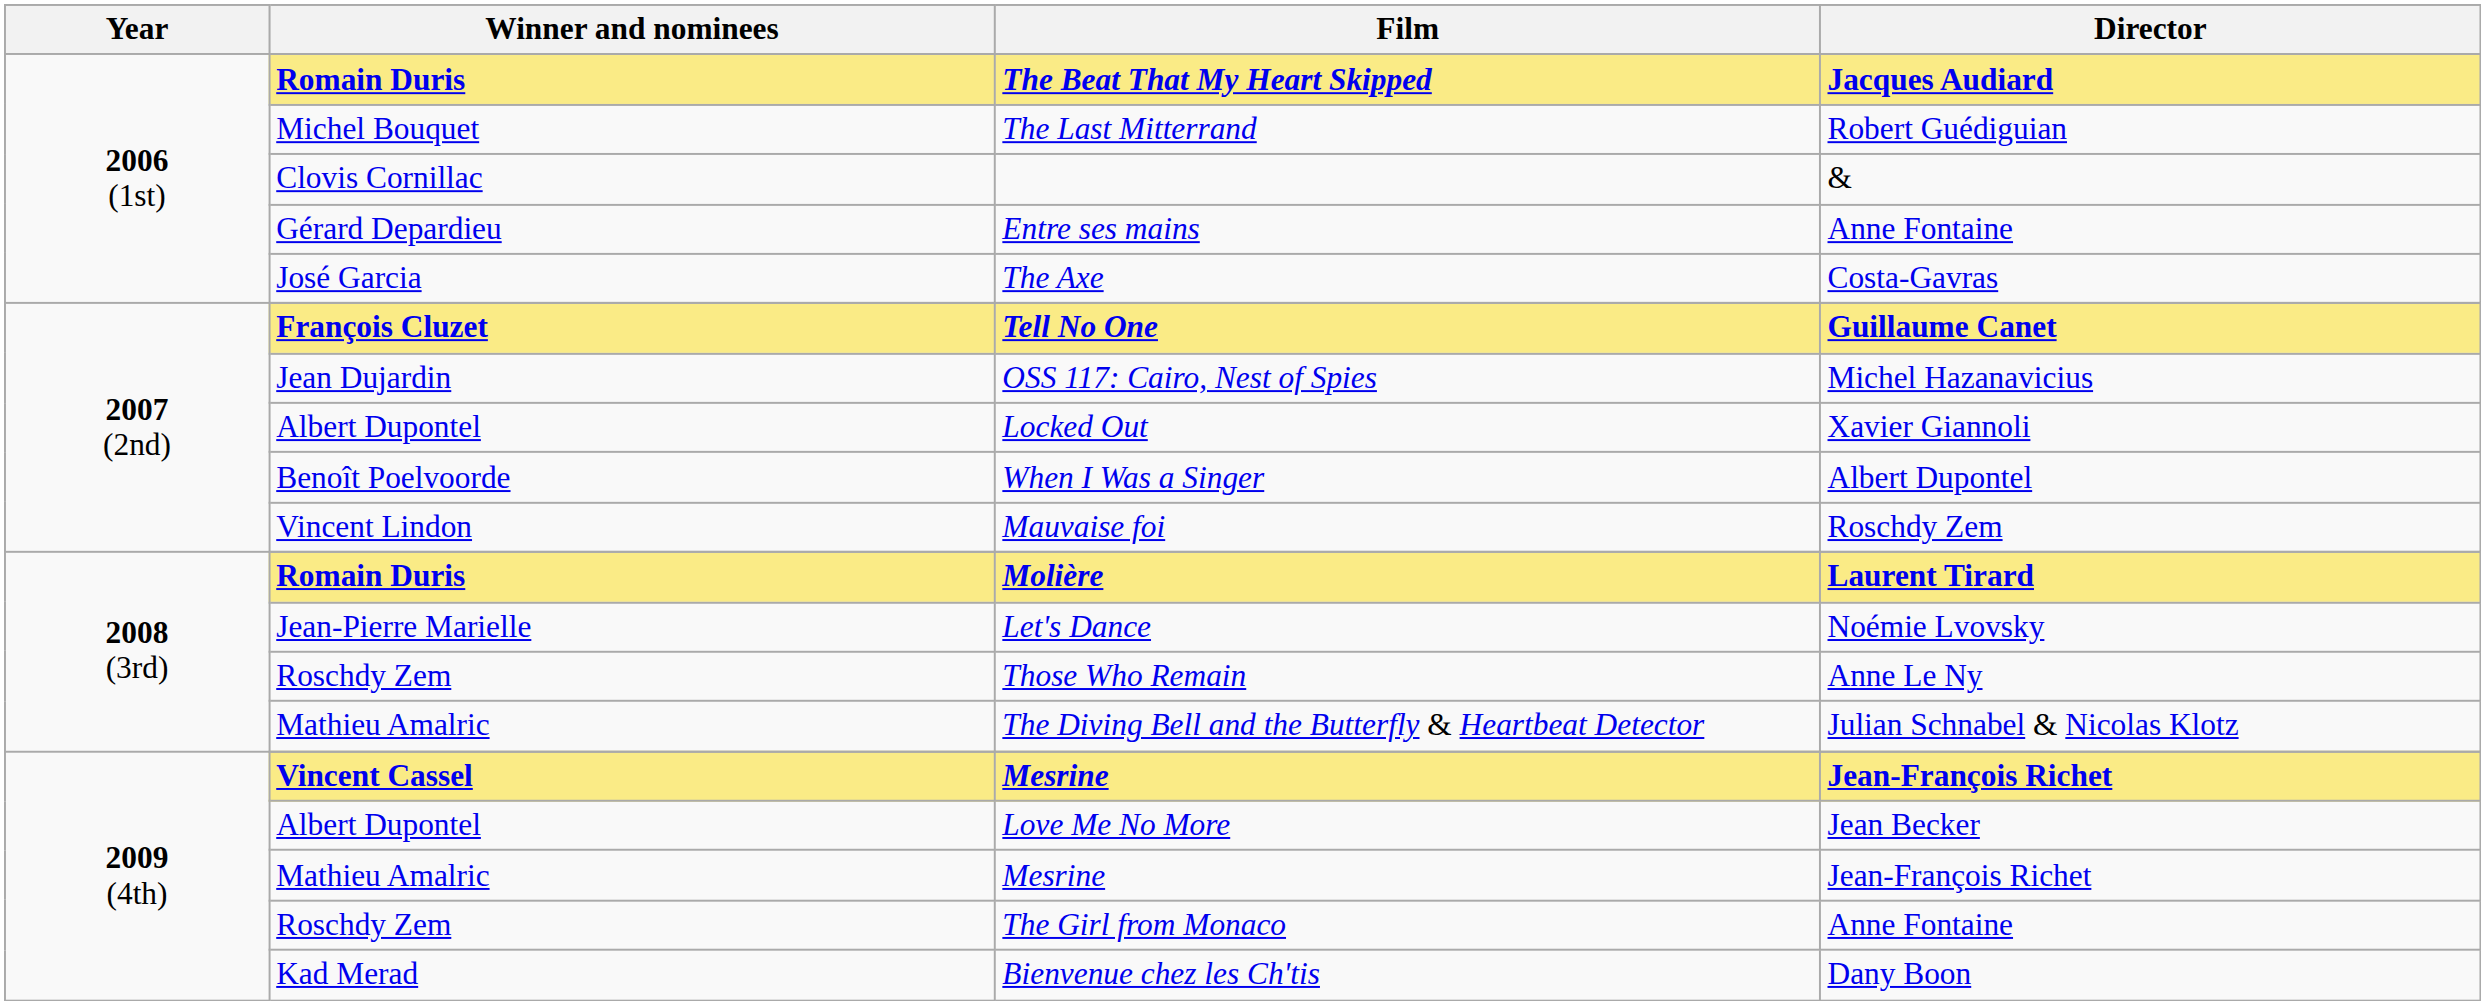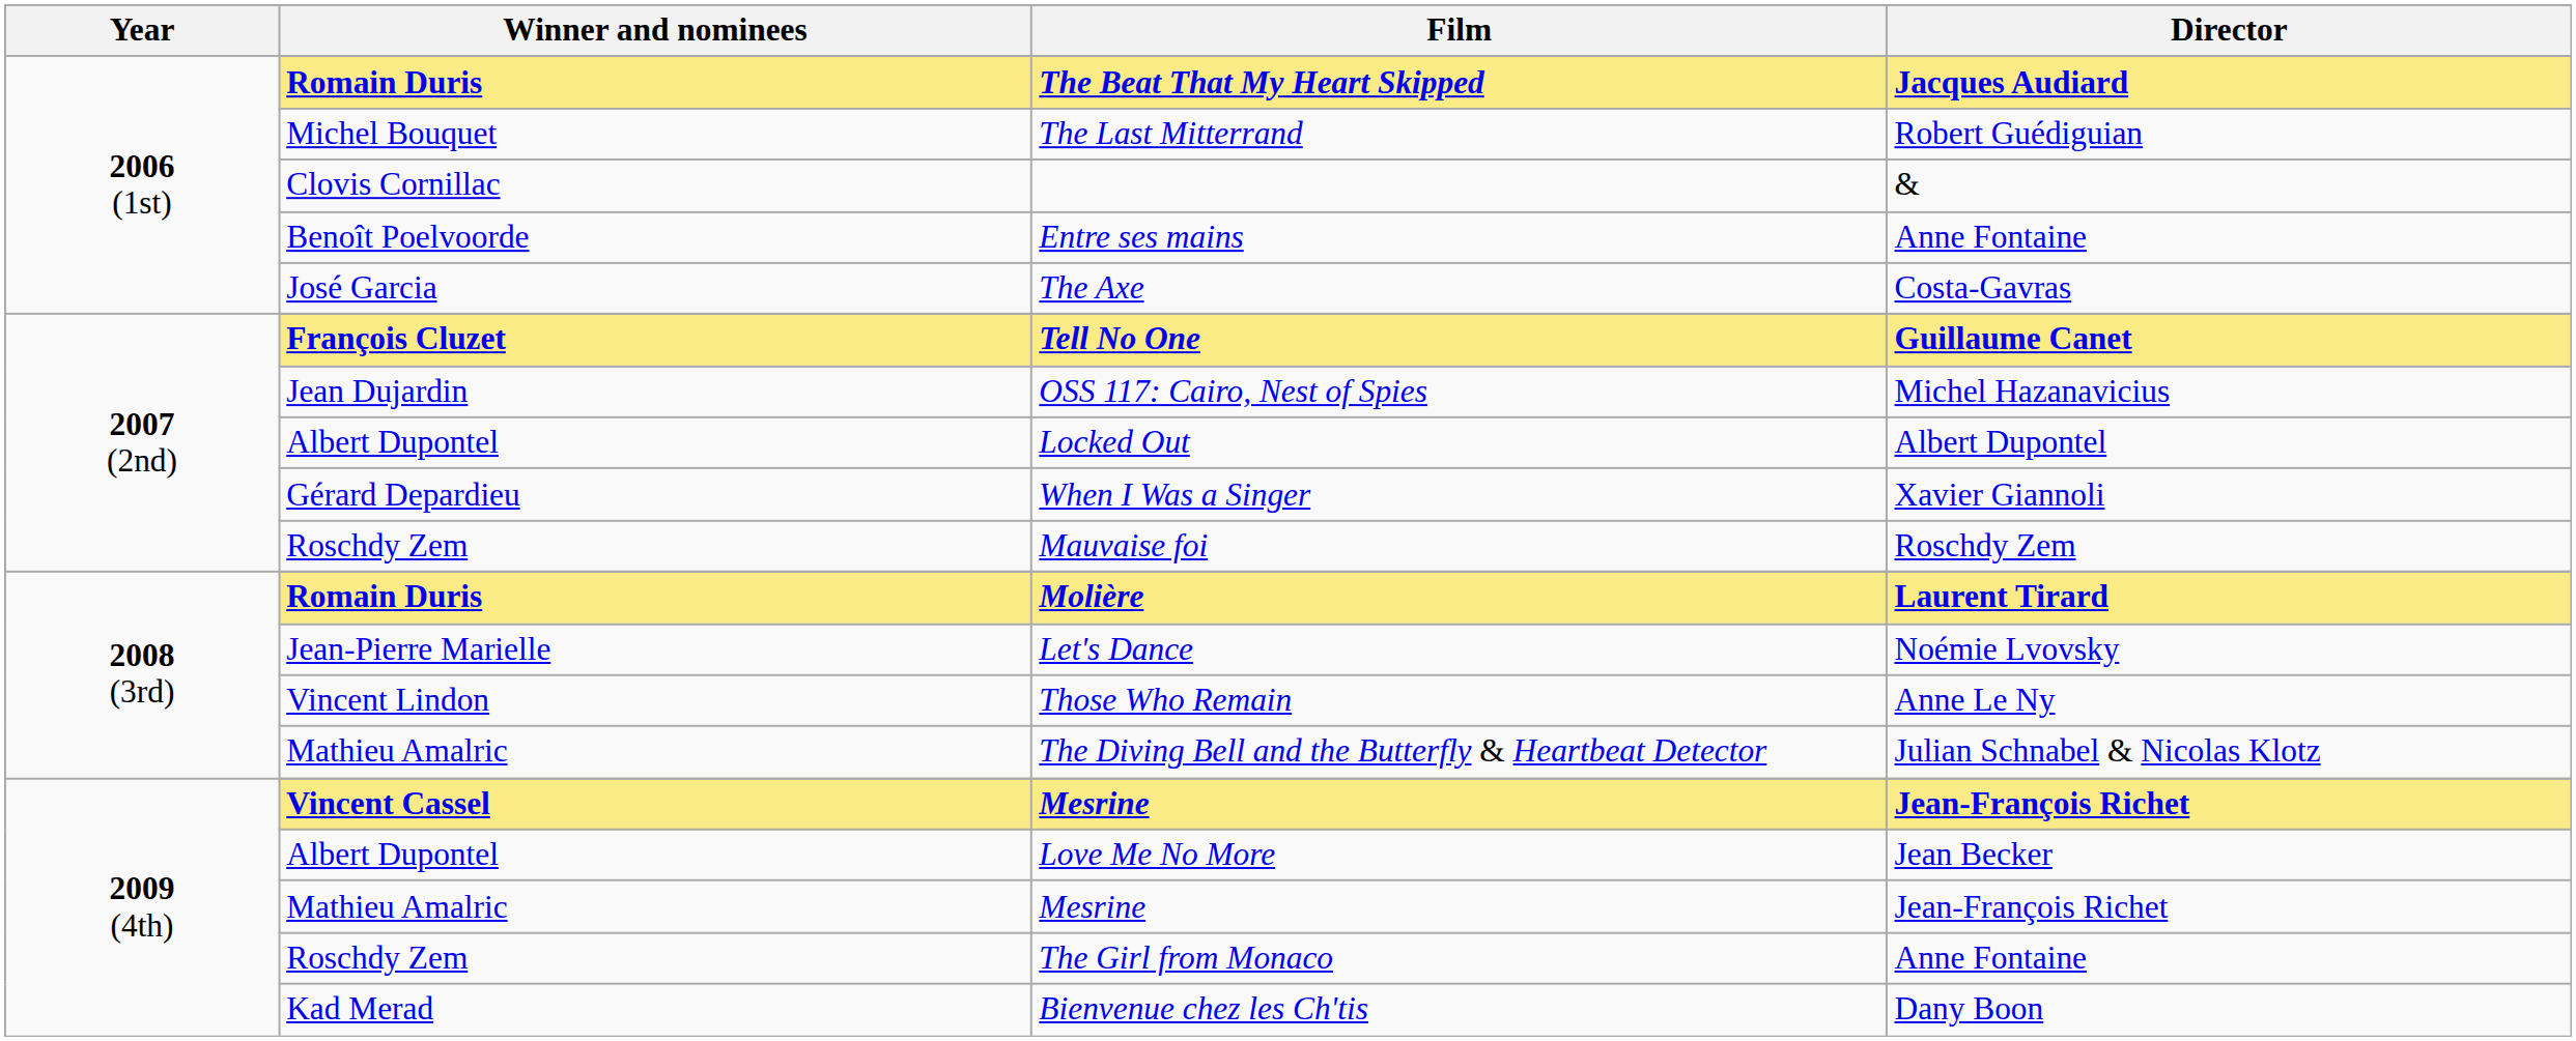 <table class="wikitable" style="width:100%;" cellpadding="5">
 <tr style="background:#BEBEBE;">
 <th style="width:8%;">Year</th>
 <th style="width:22%;">Winner and nominees</th>
 <th style="width:25%;">Film</th>
 <th style="width:20%;">Director</th>
 </tr>
 <tr>
 <td rowspan="6" style="text-align:center"><strong>2006</strong><br>(1st)</td>
 </tr>
 <tr style="background:#FAEB86">
 <td><strong><a href='#'>Romain Duris</a></strong></td>
 <td><strong><em><a href='#'>The Beat That My Heart Skipped</a></em></strong></td>
 <td><strong><a href='#'>Jacques Audiard</a></strong></td>
 </tr>
 <tr>
 <td><a href='#'>Michel Bouquet</a></td>
 <td><em><a href='#'>The Last Mitterrand</a></em></td>
 <td><a href='#'>Robert Guédiguian</a></td>
 </tr>
 <tr>
 <td><a href='#'>Clovis Cornillac</a></td>
 <td><em></em></td>
 <td> & </td>
 </tr>
 <tr>
-<td><a href='#'>Gérard Depardieu</a></td>
+<td><a href='#'>Benoît Poelvoorde</a></td>
 <td><em><a href='#'>Entre ses mains</a></em></td>
 <td><a href='#'>Anne Fontaine</a></td>
 </tr>
 <tr>
 <td><a href='#'>José Garcia</a></td>
 <td><em><a href='#'>The Axe</a></em></td>
 <td><a href='#'>Costa-Gavras</a></td>
 </tr>
 <tr>
 <td rowspan="6" style="text-align:center"><strong>2007</strong><br>(2nd)</td>
 </tr>
 <tr style="background:#FAEB86">
 <td><strong><a href='#'>François Cluzet</a></strong></td>
 <td><strong><em><a href='#'>Tell No One</a></em></strong></td>
 <td><strong><a href='#'>Guillaume Canet</a></strong></td>
 </tr>
 <tr>
 <td><a href='#'>Jean Dujardin</a></td>
 <td><em><a href='#'>OSS 117: Cairo, Nest of Spies</a></em></td>
 <td><a href='#'>Michel Hazanavicius</a></td>
 </tr>
 <tr>
 <td><a href='#'>Albert Dupontel</a></td>
 <td><em><a href='#'>Locked Out</a></em></td>
+<td><a href='#'>Albert Dupontel</a></td>
+</tr>
+<tr>
+<td><a href='#'>Gérard Depardieu</a></td>
+<td><em><a href='#'>When I Was a Singer</a></em></td>
 <td><a href='#'>Xavier Giannoli</a></td>
 </tr>
 <tr>
-<td><a href='#'>Benoît Poelvoorde</a></td>
-<td><em><a href='#'>When I Was a Singer</a></em></td>
-<td><a href='#'>Albert Dupontel</a></td>
-</tr>
-<tr>
-<td><a href='#'>Vincent Lindon</a></td>
+<td><a href='#'>Roschdy Zem</a></td>
 <td><em><a href='#'>Mauvaise foi</a></em></td>
 <td><a href='#'>Roschdy Zem</a></td>
 </tr>
 <tr>
 <td rowspan="5" style="text-align:center"><strong>2008</strong><br>(3rd)</td>
 </tr>
 <tr style="background:#FAEB86">
 <td><strong><a href='#'>Romain Duris</a></strong></td>
 <td><strong><em><a href='#'>Molière</a></em></strong></td>
 <td><strong><a href='#'>Laurent Tirard</a></strong></td>
 </tr>
 <tr>
 <td><a href='#'>Jean-Pierre Marielle</a></td>
 <td><em><a href='#'>Let's Dance</a></em></td>
 <td><a href='#'>Noémie Lvovsky</a></td>
 </tr>
 <tr>
-<td><a href='#'>Roschdy Zem</a></td>
+<td><a href='#'>Vincent Lindon</a></td>
 <td><em><a href='#'>Those Who Remain</a></em></td>
 <td><a href='#'>Anne Le Ny</a></td>
 </tr>
 <tr>
 <td><a href='#'>Mathieu Amalric</a></td>
 <td><em><a href='#'>The Diving Bell and the Butterfly</a></em> & <em><a href='#'>Heartbeat Detector</a></em></td>
 <td><a href='#'>Julian Schnabel</a> & <a href='#'>Nicolas Klotz</a></td>
 </tr>
 <tr>
 <td rowspan="6" style="text-align:center"><strong>2009</strong><br>(4th)</td>
 </tr>
 <tr style="background:#FAEB86">
 <td><strong><a href='#'>Vincent Cassel</a></strong></td>
 <td><strong><em><a href='#'>Mesrine</a></em></strong></td>
 <td><strong><a href='#'>Jean-François Richet</a></strong></td>
 </tr>
 <tr>
 <td><a href='#'>Albert Dupontel</a></td>
 <td><em><a href='#'>Love Me No More</a></em></td>
 <td><a href='#'>Jean Becker</a></td>
 </tr>
 <tr>
 <td><a href='#'>Mathieu Amalric</a></td>
 <td><em><a href='#'>Mesrine</a></em></td>
 <td><a href='#'>Jean-François Richet</a></td>
 </tr>
 <tr>
 <td><a href='#'>Roschdy Zem</a></td>
 <td><em><a href='#'>The Girl from Monaco</a></em></td>
 <td><a href='#'>Anne Fontaine</a></td>
 </tr>
 <tr>
 <td><a href='#'>Kad Merad</a></td>
 <td><em><a href='#'>Bienvenue chez les Ch'tis</a></em></td>
 <td><a href='#'>Dany Boon</a></td>
 </tr>
 </table>
